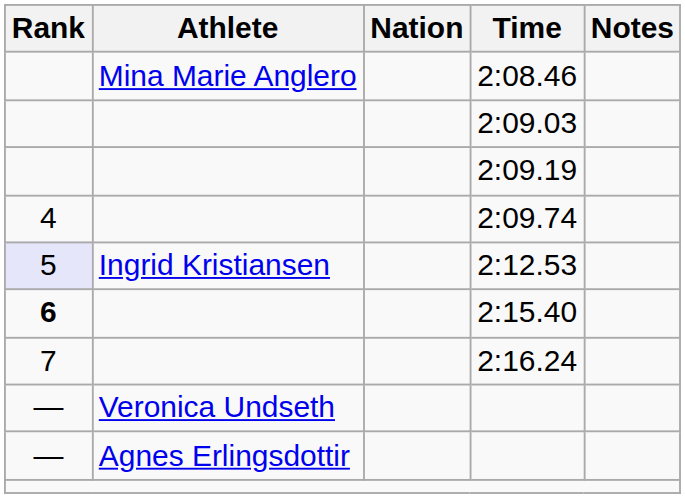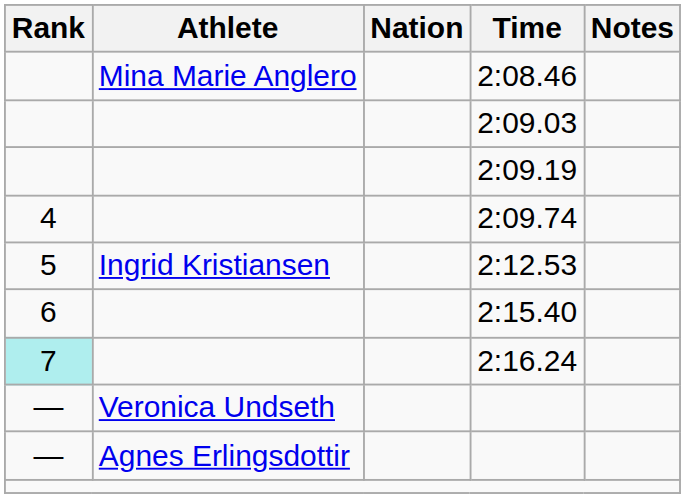 <table class="wikitable sortable" style="text-align:center;">
 <tr>
 <th scope="col" style="width: 10px;">Rank</th>
 <th scope="col">Athlete</th>
 <th scope="col">Nation</th>
 <th scope="col">Time</th>
 <th scope="col">Notes</th>
 </tr>
 <tr>
 <td></td>
 <td align=left><a href='#'>Mina Marie Anglero</a></td>
 <td align=left></td>
 <td>2:08.46</td>
 <td></td>
 </tr>
 <tr>
 <td></td>
 <td align=left></td>
 <td align=left></td>
 <td>2:09.03</td>
 <td></td>
 </tr>
 <tr>
 <td></td>
 <td align=left></td>
 <td align=left></td>
 <td>2:09.19</td>
 <td></td>
 </tr>
 <tr>
 <td>4</td>
 <td align=left></td>
 <td align=left></td>
 <td>2:09.74</td>
 <td></td>
 </tr>
 <tr>
-<td style="background: lavender;">5</td>
+<td>5</td>
 <td align=left><a href='#'>Ingrid Kristiansen</a></td>
 <td align=left></td>
 <td>2:12.53</td>
 <td></td>
 </tr>
 <tr>
-<td><strong>6</strong></td>
+<td>6</td>
 <td align=left></td>
 <td align=left></td>
 <td>2:15.40</td>
 <td></td>
 </tr>
 <tr>
-<td>7</td>
+<td style="background: paleturquoise;">7</td>
 <td align=left></td>
 <td align=left></td>
 <td>2:16.24</td>
 <td></td>
 </tr>
 <tr>
 <td>—</td>
 <td align=left><a href='#'>Veronica Undseth</a></td>
 <td align=left></td>
 <td></td>
 <td></td>
 </tr>
 <tr>
 <td>—</td>
 <td align=left><a href='#'>Agnes Erlingsdottir</a></td>
 <td align=left></td>
 <td></td>
 <td></td>
 </tr>
 <tr class="sortbottom">
 <td colspan="5"></td>
 </tr>
 </table>
